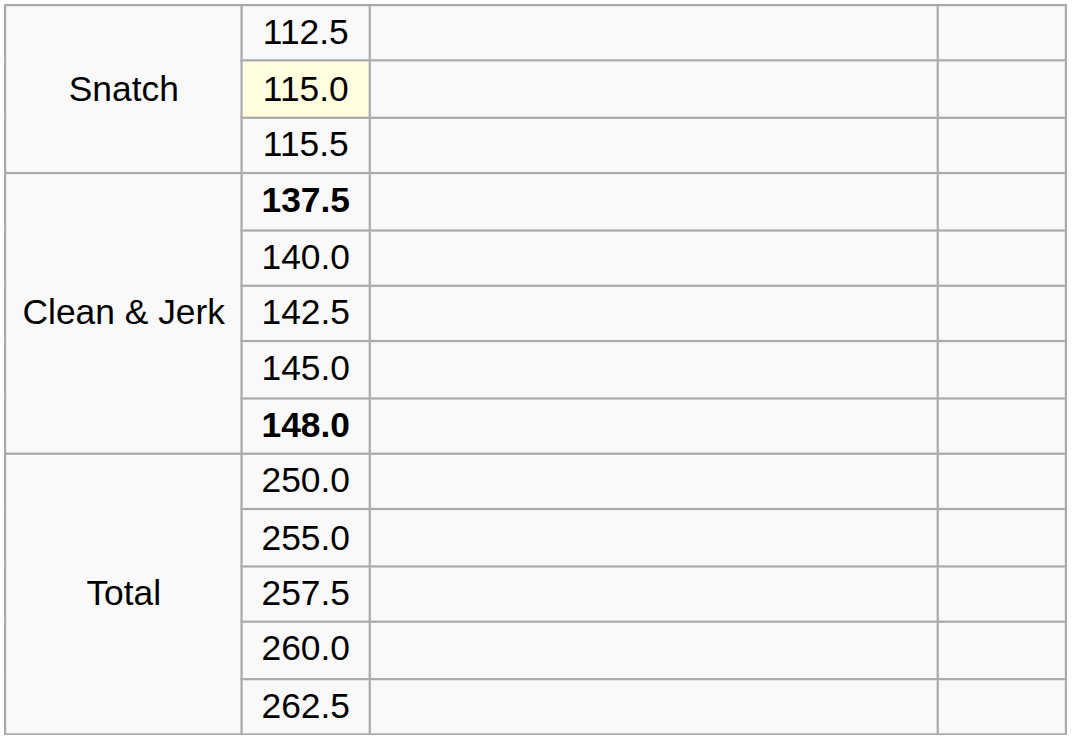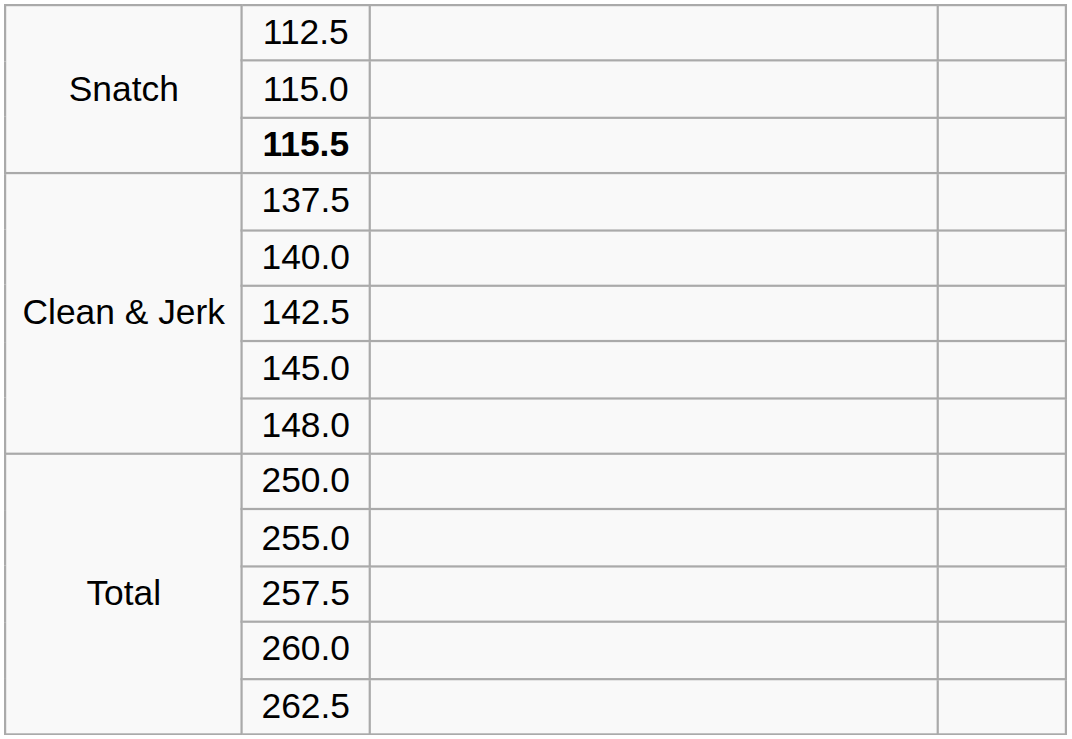 <table class = "wikitable" style="text-align:center;">
 <tr>
 <td rowspan=3 width=100>Snatch</td>
 <td width=50>112.5</td>
 <td width=250 align=left></td>
 <td width=50></td>
 </tr>
 <tr>
-<td style="background: lightyellow;">115.0</td>
+<td>115.0</td>
 <td align=left></td>
 <td></td>
 </tr>
 <tr>
-<td>115.5</td>
+<td><strong>115.5</strong></td>
 <td align=left></td>
 <td></td>
 </tr>
 <tr>
 <td rowspan=5>Clean & Jerk</td>
-<td><strong>137.5</strong></td>
+<td>137.5</td>
 <td align=left></td>
 <td></td>
 </tr>
 <tr>
 <td>140.0</td>
 <td align=left></td>
 <td></td>
 </tr>
 <tr>
 <td>142.5</td>
 <td align=left></td>
 <td></td>
 </tr>
 <tr>
 <td>145.0</td>
 <td align=left></td>
 <td></td>
 </tr>
 <tr>
-<td><strong>148.0</strong></td>
+<td>148.0</td>
 <td align=left></td>
 <td></td>
 </tr>
 <tr>
 <td rowspan=5>Total</td>
 <td>250.0</td>
 <td align=left></td>
 <td></td>
 </tr>
 <tr>
 <td>255.0</td>
 <td align=left></td>
 <td></td>
 </tr>
 <tr>
 <td>257.5</td>
 <td align=left></td>
 <td></td>
 </tr>
 <tr>
 <td>260.0</td>
 <td align=left></td>
 <td></td>
 </tr>
 <tr>
 <td>262.5</td>
 <td align=left></td>
 <td></td>
 </tr>
 </table>
